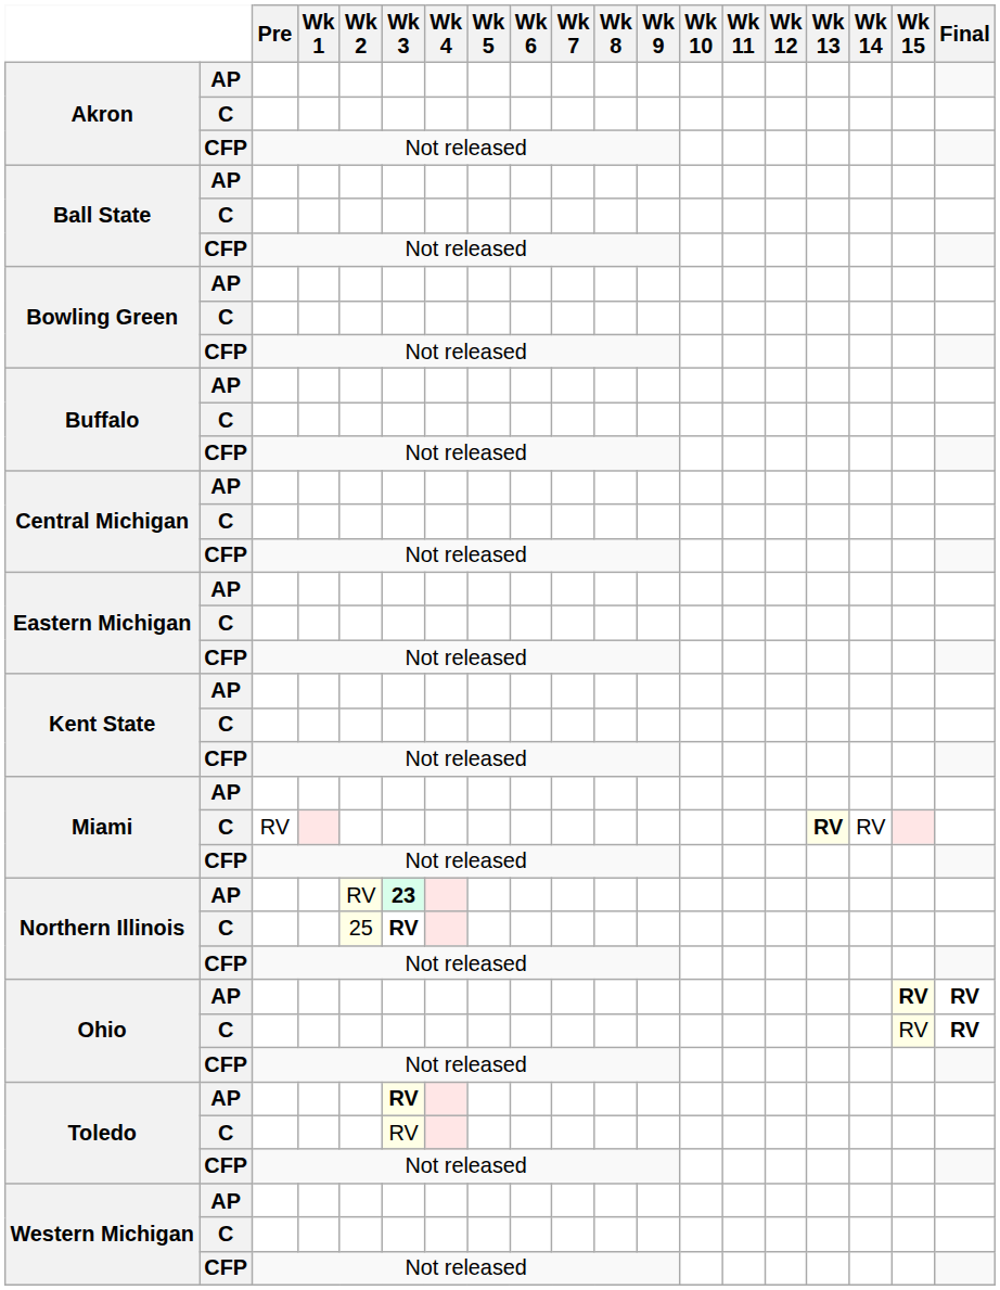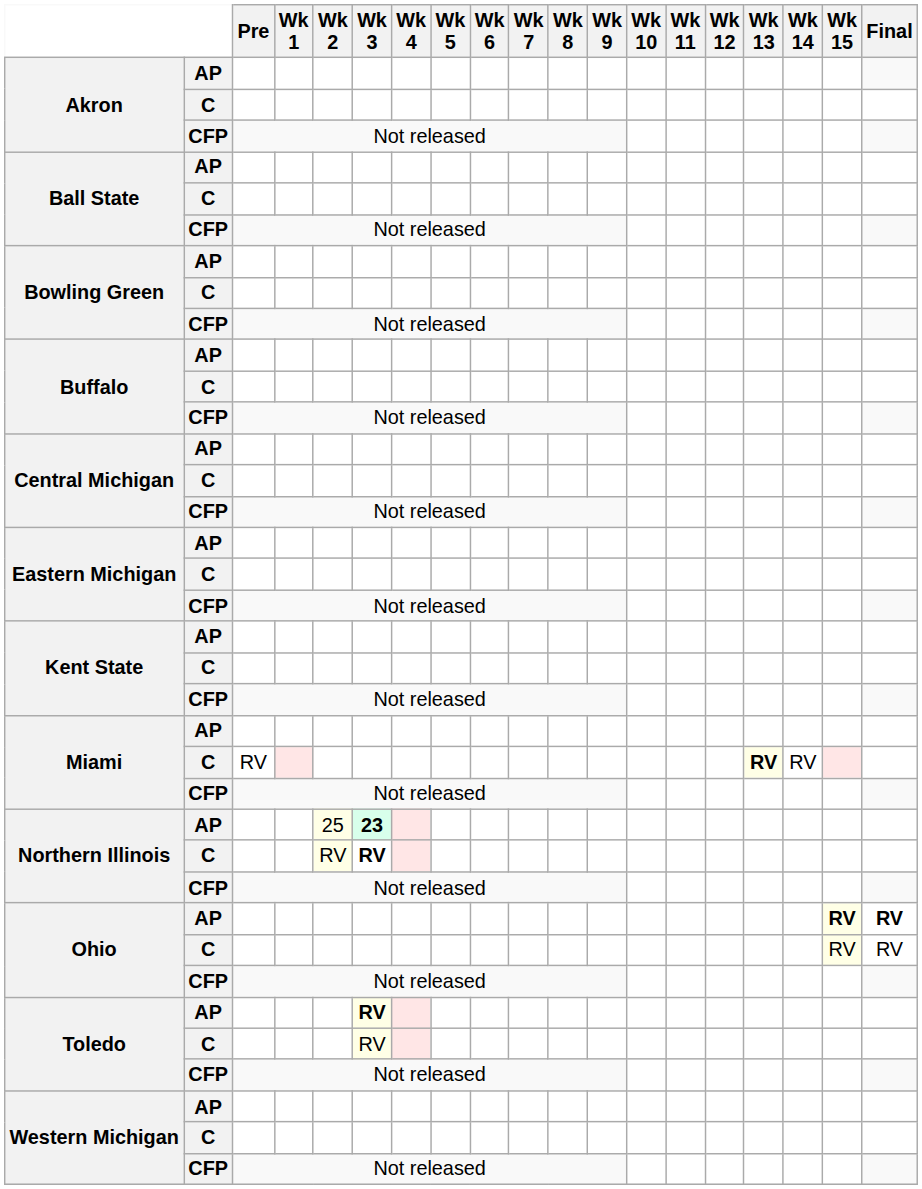 <table class="wikitable" style="white-space:nowrap;font-size:85%;">
 <tr>
 <th colspan=2 style="background:white; border-top-style:hidden; border-left-style:hidden;"> </th>
 <th>Pre</th>
 <th>Wk<br>1</th>
 <th>Wk<br>2</th>
 <th>Wk<br>3</th>
 <th>Wk<br>4</th>
 <th>Wk<br>5</th>
 <th>Wk<br>6</th>
 <th>Wk<br>7</th>
 <th>Wk<br>8</th>
 <th>Wk<br>9</th>
 <th>Wk<br>10</th>
 <th>Wk<br>11</th>
 <th>Wk<br>12</th>
 <th>Wk<br>13</th>
 <th>Wk<br>14</th>
 <th>Wk<br>15</th>
 <th>Final</th>
 </tr>
 <tr style="text-align:center;">
 <th rowspan="3">Akron</th>
 <th>AP</th>
 <td style="background:#FFF;"></td>
 <td style="background:#FFF;"></td>
 <td style="background:#FFF;"></td>
 <td style="background:#FFF;"></td>
 <td style="background:#FFF;"></td>
 <td style="background:#FFF;"></td>
 <td style="background:#FFF;"></td>
 <td style="background:#FFF;"></td>
 <td style="background:#FFF;"></td>
 <td style="background:#FFF;"></td>
 <td style="background:#FFF;"></td>
 <td style="background:#FFF;"></td>
 <td style="background:#FFF;"></td>
 <td style="background:#FFF;"></td>
 <td style="background:#FFF;"></td>
 <td style="background:#FFF;"></td>
 </tr>
 <tr style="text-align:center;">
 <th>C</th>
 <td style="background:#FFF;"></td>
 <td style="background:#FFF;"></td>
 <td style="background:#FFF;"></td>
 <td style="background:#FFF;"></td>
 <td style="background:#FFF;"></td>
 <td style="background:#FFF;"></td>
 <td style="background:#FFF;"></td>
 <td style="background:#FFF;"></td>
 <td style="background:#FFF;"></td>
 <td style="background:#FFF;"></td>
 <td style="background:#FFF;"></td>
 <td style="background:#FFF;"></td>
 <td style="background:#FFF;"></td>
 <td style="background:#FFF;"></td>
 <td style="background:#FFF;"></td>
 <td style="background:#FFF;"></td>
 <td style="background:#FFF;"></td>
 </tr>
 <tr style="text-align:center;">
 <th>CFP</th>
 <td colspan="10" style="text-align:center;">Not released</td>
 <td style="background:#FFF;"></td>
 <td style="background:#FFF;"></td>
 <td style="background:#FFF;"></td>
 <td style="background:#FFF;"></td>
 <td style="background:#FFF;"></td>
 <td style="background:#FFF;"></td>
 <td style="text-align:center;"></td>
 </tr>
 <tr style="text-align:center;">
 <th rowspan="3">Ball State</th>
 <th>AP</th>
 <td style="background:#FFF;"></td>
 <td style="background:#FFF;"></td>
 <td style="background:#FFF;"></td>
 <td style="background:#FFF;"></td>
 <td style="background:#FFF;"></td>
 <td style="background:#FFF;"></td>
 <td style="background:#FFF;"></td>
 <td style="background:#FFF;"></td>
 <td style="background:#FFF;"></td>
 <td style="background:#FFF;"></td>
 <td style="background:#FFF;"></td>
 <td style="background:#FFF;"></td>
 <td style="background:#FFF;"></td>
 <td style="background:#FFF;"></td>
 <td style="background:#FFF;"></td>
 <td style="background:#FFF;"></td>
 <td style="background:#FFF;"></td>
 </tr>
 <tr style="text-align:center;">
 <th>C</th>
 <td style="background:#FFF;"></td>
 <td style="background:#FFF;"></td>
 <td style="background:#FFF;"></td>
 <td style="background:#FFF;"></td>
 <td style="background:#FFF;"></td>
 <td style="background:#FFF;"></td>
 <td style="background:#FFF;"></td>
 <td style="background:#FFF;"></td>
 <td style="background:#FFF;"></td>
 <td style="background:#FFF;"></td>
 <td style="background:#FFF;"></td>
 <td style="background:#FFF;"></td>
 <td style="background:#FFF;"></td>
 <td style="background:#FFF;"></td>
 <td style="background:#FFF;"></td>
 <td style="background:#FFF;"></td>
 <td style="background:#FFF;"></td>
 </tr>
 <tr style="text-align:center;">
 <th>CFP</th>
 <td colspan="10" style="text-align:center;">Not released</td>
 <td style="background:#FFF;"></td>
 <td style="background:#FFF;"></td>
 <td style="background:#FFF;"></td>
 <td style="background:#FFF;"></td>
 <td style="background:#FFF;"></td>
 <td style="background:#FFF;"></td>
 <td style="text-align:center;"></td>
 </tr>
 <tr style="text-align:center;">
 <th rowspan="3">Bowling Green</th>
 <th>AP</th>
 <td style="background:#FFF;"></td>
 <td style="background:#FFF;"></td>
 <td style="background:#FFF;"></td>
 <td style="background:#FFF;"></td>
 <td style="background:#FFF;"></td>
 <td style="background:#FFF;"></td>
 <td style="background:#FFF;"></td>
 <td style="background:#FFF;"></td>
 <td style="background:#FFF;"></td>
 <td style="background:#FFF;"></td>
 <td style="background:#FFF;"></td>
 <td style="background:#FFF;"></td>
 <td style="background:#FFF;"></td>
 <td style="background:#FFF;"></td>
 <td style="background:#FFF;"></td>
 <td style="background:#FFF;"></td>
 <td style="background:#FFF;"></td>
 </tr>
 <tr style="text-align:center;">
 <th>C</th>
 <td style="background:#FFF;"></td>
 <td style="background:#FFF;"></td>
 <td style="background:#FFF;"></td>
 <td style="background:#FFF;"></td>
 <td style="background:#FFF;"></td>
 <td style="background:#FFF;"></td>
 <td style="background:#FFF;"></td>
 <td style="background:#FFF;"></td>
 <td style="background:#FFF;"></td>
 <td style="background:#FFF;"></td>
 <td style="background:#FFF;"></td>
 <td style="background:#FFF;"></td>
 <td style="background:#FFF;"></td>
 <td style="background:#FFF;"></td>
 <td style="background:#FFF;"></td>
 <td style="background:#FFF;"></td>
 <td style="background:#FFF;"></td>
 </tr>
 <tr style="text-align:center;">
 <th>CFP</th>
 <td colspan="10" style="text-align:center;">Not released</td>
 <td style="background:#FFF;"></td>
 <td style="background:#FFF;"></td>
 <td style="background:#FFF;"></td>
 <td style="background:#FFF;"></td>
 <td style="background:#FFF;"></td>
 <td style="background:#FFF;"></td>
 <td style="text-align:center;"></td>
 </tr>
 <tr style="text-align:center;">
 <th rowspan="3">Buffalo</th>
 <th>AP</th>
 <td style="background:#FFF;"></td>
 <td style="background:#FFF;"></td>
 <td style="background:#FFF;"></td>
 <td style="background:#FFF;"></td>
 <td style="background:#FFF;"></td>
 <td style="background:#FFF;"></td>
 <td style="background:#FFF;"></td>
 <td style="background:#FFF;"></td>
 <td style="background:#FFF;"></td>
 <td style="background:#FFF;"></td>
 <td style="background:#FFF;"></td>
 <td style="background:#FFF;"></td>
 <td style="background:#FFF;"></td>
 <td style="background:#FFF;"></td>
 <td style="background:#FFF;"></td>
 <td style="background:#FFF;"></td>
 <td style="background:#FFF;"></td>
 </tr>
 <tr style="text-align:center;">
 <th>C</th>
 <td style="background:#FFF;"></td>
 <td style="background:#FFF;"></td>
 <td style="background:#FFF;"></td>
 <td style="background:#FFF;"></td>
 <td style="background:#FFF;"></td>
 <td style="background:#FFF;"></td>
 <td style="background:#FFF;"></td>
 <td style="background:#FFF;"></td>
 <td style="background:#FFF;"></td>
 <td style="background:#FFF;"></td>
 <td style="background:#FFF;"></td>
 <td style="background:#FFF;"></td>
 <td style="background:#FFF;"></td>
 <td style="background:#FFF;"></td>
 <td style="background:#FFF;"></td>
 <td style="background:#FFF;"></td>
 <td style="background:#FFF;"></td>
 </tr>
 <tr style="text-align:center;">
 <th>CFP</th>
 <td colspan="10" style="text-align:center;">Not released</td>
 <td style="background:#FFF;"></td>
 <td style="background:#FFF;"></td>
 <td style="background:#FFF;"></td>
 <td style="background:#FFF;"></td>
 <td style="background:#FFF;"></td>
 <td style="background:#FFF;"></td>
 <td style="text-align:center;"></td>
 </tr>
 <tr style="text-align:center;">
 <th rowspan="3">Central Michigan</th>
 <th>AP</th>
 <td style="background:#FFF;"></td>
 <td style="background:#FFF;"></td>
 <td style="background:#FFF;"></td>
 <td style="background:#FFF;"></td>
 <td style="background:#FFF;"></td>
 <td style="background:#FFF;"></td>
 <td style="background:#FFF;"></td>
 <td style="background:#FFF;"></td>
 <td style="background:#FFF;"></td>
 <td style="background:#FFF;"></td>
 <td style="background:#FFF;"></td>
 <td style="background:#FFF;"></td>
 <td style="background:#FFF;"></td>
 <td style="background:#FFF;"></td>
 <td style="background:#FFF;"></td>
 <td style="background:#FFF;"></td>
 <td style="background:#FFF;"></td>
 </tr>
 <tr style="text-align:center;">
 <th>C</th>
 <td style="background:#FFF;"></td>
 <td style="background:#FFF;"></td>
 <td style="background:#FFF;"></td>
 <td style="background:#FFF;"></td>
 <td style="background:#FFF;"></td>
 <td style="background:#FFF;"></td>
 <td style="background:#FFF;"></td>
 <td style="background:#FFF;"></td>
 <td style="background:#FFF;"></td>
 <td style="background:#FFF;"></td>
 <td style="background:#FFF;"></td>
 <td style="background:#FFF;"></td>
 <td style="background:#FFF;"></td>
 <td style="background:#FFF;"></td>
 <td style="background:#FFF;"></td>
 <td style="background:#FFF;"></td>
 <td style="background:#FFF;"></td>
 </tr>
 <tr style="text-align:center;">
 <th>CFP</th>
 <td colspan="10" style="text-align:center;">Not released</td>
 <td style="background:#FFF;"></td>
 <td style="background:#FFF;"></td>
 <td style="background:#FFF;"></td>
 <td style="background:#FFF;"></td>
 <td style="background:#FFF;"></td>
 <td style="background:#FFF;"></td>
 <td style="text-align:center;"></td>
 </tr>
 <tr style="text-align:center;">
 <th rowspan="3">Eastern Michigan</th>
 <th>AP</th>
 <td style="background:#FFF;"></td>
 <td style="background:#FFF;"></td>
 <td style="background:#FFF;"></td>
 <td style="background:#FFF;"></td>
 <td style="background:#FFF;"></td>
 <td style="background:#FFF;"></td>
 <td style="background:#FFF;"></td>
 <td style="background:#FFF;"></td>
 <td style="background:#FFF;"></td>
 <td style="background:#FFF;"></td>
 <td style="background:#FFF;"></td>
 <td style="background:#FFF;"></td>
 <td style="background:#FFF;"></td>
 <td style="background:#FFF;"></td>
 <td style="background:#FFF;"></td>
 <td style="background:#FFF;"></td>
 <td style="background:#FFF;"></td>
 </tr>
 <tr style="text-align:center;">
 <th>C</th>
 <td style="background:#FFF;"></td>
 <td style="background:#FFF;"></td>
 <td style="background:#FFF;"></td>
 <td style="background:#FFF;"></td>
 <td style="background:#FFF;"></td>
 <td style="background:#FFF;"></td>
 <td style="background:#FFF;"></td>
 <td style="background:#FFF;"></td>
 <td style="background:#FFF;"></td>
 <td style="background:#FFF;"></td>
 <td style="background:#FFF;"></td>
 <td style="background:#FFF;"></td>
 <td style="background:#FFF;"></td>
 <td style="background:#FFF;"></td>
 <td style="background:#FFF;"></td>
 <td style="background:#FFF;"></td>
 <td style="background:#FFF;"></td>
 </tr>
 <tr style="text-align:center;">
 <th>CFP</th>
 <td colspan="10" style="text-align:center;">Not released</td>
 <td style="background:#FFF;"></td>
 <td style="background:#FFF;"></td>
 <td style="background:#FFF;"></td>
 <td style="background:#FFF;"></td>
 <td style="background:#FFF;"></td>
 <td style="background:#FFF;"></td>
 <td style="text-align:center;"></td>
 </tr>
 <tr style="text-align:center;">
 <th rowspan="3">Kent State</th>
 <th>AP</th>
 <td style="background:#FFF;"></td>
 <td style="background:#FFF;"></td>
 <td style="background:#FFF;"></td>
 <td style="background:#FFF;"></td>
 <td style="background:#FFF;"></td>
 <td style="background:#FFF;"></td>
 <td style="background:#FFF;"></td>
 <td style="background:#FFF;"></td>
 <td style="background:#FFF;"></td>
 <td style="background:#FFF;"></td>
 <td style="background:#FFF;"></td>
 <td style="background:#FFF;"></td>
 <td style="background:#FFF;"></td>
 <td style="background:#FFF;"></td>
 <td style="background:#FFF;"></td>
 <td style="background:#FFF;"></td>
 <td style="background:#FFF;"></td>
 </tr>
 <tr style="text-align:center;">
 <th>C</th>
 <td style="background:#FFF;"></td>
 <td style="background:#FFF;"></td>
 <td style="background:#FFF;"></td>
 <td style="background:#FFF;"></td>
 <td style="background:#FFF;"></td>
 <td style="background:#FFF;"></td>
 <td style="background:#FFF;"></td>
 <td style="background:#FFF;"></td>
 <td style="background:#FFF;"></td>
 <td style="background:#FFF;"></td>
 <td style="background:#FFF;"></td>
 <td style="background:#FFF;"></td>
 <td style="background:#FFF;"></td>
 <td style="background:#FFF;"></td>
 <td style="background:#FFF;"></td>
 <td style="background:#FFF;"></td>
 <td style="background:#FFF;"></td>
 </tr>
 <tr style="text-align:center;">
 <th>CFP</th>
 <td colspan="10" style="text-align:center;">Not released</td>
 <td style="background:#FFF;"></td>
 <td style="background:#FFF;"></td>
 <td style="background:#FFF;"></td>
 <td style="background:#FFF;"></td>
 <td style="background:#FFF;"></td>
 <td style="background:#FFF;"></td>
 <td style="text-align:center;"></td>
 </tr>
 <tr style="text-align:center;">
 <th rowspan="3">Miami</th>
 <th>AP</th>
 <td style="background:#FFF;"></td>
 <td style="background:#FFF;"></td>
 <td style="background:#FFF;"></td>
 <td style="background:#FFF;"></td>
 <td style="background:#FFF;"></td>
 <td style="background:#FFF;"></td>
 <td style="background:#FFF;"></td>
 <td style="background:#FFF;"></td>
 <td style="background:#FFF;"></td>
 <td style="background:#FFF;"></td>
 <td style="background:#FFF;"></td>
 <td style="background:#FFF;"></td>
 <td style="background:#FFF;"></td>
 <td style="background:#FFF;"></td>
 <td style="background:#FFF;"></td>
 <td style="background:#FFF;"></td>
 <td style="background:#FFF;"></td>
 </tr>
 <tr style="text-align:center;">
 <th>C</th>
 <td style="background:#FFF;">RV</td>
 <td style="background:#ffe6e6;"></td>
 <td style="background:#FFF;"></td>
 <td style="background:#FFF;"></td>
 <td style="background:#FFF;"></td>
 <td style="background:#FFF;"></td>
 <td style="background:#FFF;"></td>
 <td style="background:#FFF;"></td>
 <td style="background:#FFF;"></td>
 <td style="background:#FFF;"></td>
 <td style="background:#FFF;"></td>
 <td style="background:#FFF;"></td>
 <td style="background:#FFF;"></td>
 <td style="background:#ffffe6;"><strong>RV</strong></td>
 <td style="background:#FFF;">RV</td>
 <td style="background:#ffe6e6;"></td>
 <td style="background:#FFF;"></td>
 </tr>
 <tr style="text-align:center;">
 <th>CFP</th>
 <td colspan="10" style="text-align:center;">Not released</td>
 <td style="background:#FFF;"></td>
 <td style="background:#FFF;"></td>
 <td style="background:#FFF;"></td>
 <td style="background:#FFF;"></td>
 <td style="background:#FFF;"></td>
 <td style="background:#FFF;"></td>
 <td style="text-align:center;"></td>
 </tr>
 <tr style="text-align:center;">
 <th rowspan="3">Northern Illinois</th>
 <th>AP</th>
 <td style="background:#FFF;"></td>
 <td style="background:#FFF;"></td>
-<td style="background:#ffffe6;">RV</td>
+<td style="background:#ffffe6;">25</td>
 <td style="background:#d8ffeb;"><strong>23</strong></td>
 <td style="background:#ffe6e6;"></td>
 <td style="background:#FFF;"></td>
 <td style="background:#FFF;"></td>
 <td style="background:#FFF;"></td>
 <td style="background:#FFF;"></td>
 <td style="background:#FFF;"></td>
 <td style="background:#FFF;"></td>
 <td style="background:#FFF;"></td>
 <td style="background:#FFF;"></td>
 <td style="background:#FFF;"></td>
 <td style="background:#FFF;"></td>
 <td style="background:#FFF;"></td>
 <td style="background:#FFF;"></td>
 </tr>
 <tr style="text-align:center;">
 <th>C</th>
 <td style="background:#FFF;"></td>
 <td style="background:#FFF;"></td>
-<td style="background:#ffffe6;">25</td>
+<td style="background:#ffffe6;">RV</td>
 <td style="background:#FFF;"><strong>RV</strong></td>
 <td style="background:#ffe6e6;"></td>
 <td style="background:#FFF;"></td>
 <td style="background:#FFF;"></td>
 <td style="background:#FFF;"></td>
 <td style="background:#FFF;"></td>
 <td style="background:#FFF;"></td>
 <td style="background:#FFF;"></td>
 <td style="background:#FFF;"></td>
 <td style="background:#FFF;"></td>
 <td style="background:#FFF;"></td>
 <td style="background:#FFF;"></td>
 <td style="background:#FFF;"></td>
 <td style="background:#FFF;"></td>
 </tr>
 <tr style="text-align:center;">
 <th>CFP</th>
 <td colspan="10" style="text-align:center;">Not released</td>
 <td style="background:#FFF;"></td>
 <td style="background:#FFF;"></td>
 <td style="background:#FFF;"></td>
 <td style="background:#FFF;"></td>
 <td style="background:#FFF;"></td>
 <td style="background:#FFF;"></td>
 <td style="text-align:center;"></td>
 </tr>
 <tr style="text-align:center;">
 <th rowspan="3">Ohio</th>
 <th>AP</th>
 <td style="background:#FFF;"></td>
 <td style="background:#FFF;"></td>
 <td style="background:#FFF;"></td>
 <td style="background:#FFF;"></td>
 <td style="background:#FFF;"></td>
 <td style="background:#FFF;"></td>
 <td style="background:#FFF;"></td>
 <td style="background:#FFF;"></td>
 <td style="background:#FFF;"></td>
 <td style="background:#FFF;"></td>
 <td style="background:#FFF;"></td>
 <td style="background:#FFF;"></td>
 <td style="background:#FFF;"></td>
 <td style="background:#FFF;"></td>
 <td style="background:#FFF;"></td>
 <td style="background:#FFFFE6;"><strong>RV</strong></td>
 <td style="background:#FFF;"><strong>RV</strong></td>
 </tr>
 <tr style="text-align:center;">
 <th>C</th>
 <td style="background:#FFF;"></td>
 <td style="background:#FFF;"></td>
 <td style="background:#FFF;"></td>
 <td style="background:#FFF;"></td>
 <td style="background:#FFF;"></td>
 <td style="background:#FFF;"></td>
 <td style="background:#FFF;"></td>
 <td style="background:#FFF;"></td>
 <td style="background:#FFF;"></td>
 <td style="background:#FFF;"></td>
 <td style="background:#FFF;"></td>
 <td style="background:#FFF;"></td>
 <td style="background:#FFF;"></td>
 <td style="background:#FFF;"></td>
 <td style="background:#FFF;"></td>
 <td style="background:#FFFFE6;">RV</td>
-<td style="background:#FFF;"><strong>RV</strong></td>
+<td style="background:#FFF;">RV</td>
 </tr>
 <tr style="text-align:center;">
 <th>CFP</th>
 <td colspan="10" style="text-align:center;">Not released</td>
 <td style="background:#FFF;"></td>
 <td style="background:#FFF;"></td>
 <td style="background:#FFF;"></td>
 <td style="background:#FFF;"></td>
 <td style="background:#FFF;"></td>
 <td style="background:#FFF;"></td>
 <td style="text-align:center;"></td>
 </tr>
 <tr style="text-align:center;">
 <th rowspan="3">Toledo</th>
 <th>AP</th>
 <td style="background:#FFF;"></td>
 <td style="background:#FFF;"></td>
 <td style="background:#FFF;"></td>
 <td style="background:#FFFFE6;"><strong>RV</strong></td>
 <td style="background:#ffe6e6;"></td>
 <td style="background:#FFF;"></td>
 <td style="background:#FFF;"></td>
 <td style="background:#FFF;"></td>
 <td style="background:#FFF;"></td>
 <td style="background:#FFF;"></td>
 <td style="background:#FFF;"></td>
 <td style="background:#FFF;"></td>
 <td style="background:#FFF;"></td>
 <td style="background:#FFF;"></td>
 <td style="background:#FFF;"></td>
 <td style="background:#FFF;"></td>
 <td style="background:#FFF;"></td>
 </tr>
 <tr style="text-align:center;">
 <th>C</th>
 <td style="background:#FFF;"></td>
 <td style="background:#FFF;"></td>
 <td style="background:#FFF;"></td>
 <td style="background:#FFFFE6;">RV</td>
 <td style="background:#ffe6e6;"></td>
 <td style="background:#FFF;"></td>
 <td style="background:#FFF;"></td>
 <td style="background:#FFF;"></td>
 <td style="background:#FFF;"></td>
 <td style="background:#FFF;"></td>
 <td style="background:#FFF;"></td>
 <td style="background:#FFF;"></td>
 <td style="background:#FFF;"></td>
 <td style="background:#FFF;"></td>
 <td style="background:#FFF;"></td>
 <td style="background:#FFF;"></td>
 <td style="background:#FFF;"></td>
 </tr>
 <tr style="text-align:center;">
 <th>CFP</th>
 <td colspan="10" style="text-align:center;">Not released</td>
 <td style="background:#FFF;"></td>
 <td style="background:#FFF;"></td>
 <td style="background:#FFF;"></td>
 <td style="background:#FFF;"></td>
 <td style="background:#FFF;"></td>
 <td style="background:#FFF;"></td>
 <td style="text-align:center;"></td>
 </tr>
 <tr style="text-align:center;">
 <th rowspan="3">Western Michigan</th>
 <th>AP</th>
 <td style="background:#FFF;"></td>
 <td style="background:#FFF;"></td>
 <td style="background:#FFF;"></td>
 <td style="background:#FFF;"></td>
 <td style="background:#FFF;"></td>
 <td style="background:#FFF;"></td>
 <td style="background:#FFF;"></td>
 <td style="background:#FFF;"></td>
 <td style="background:#FFF;"></td>
 <td style="background:#FFF;"></td>
 <td style="background:#FFF;"></td>
 <td style="background:#FFF;"></td>
 <td style="background:#FFF;"></td>
 <td style="background:#FFF;"></td>
 <td style="background:#FFF;"></td>
 <td style="background:#FFF;"></td>
 <td style="background:#FFF;"></td>
 </tr>
 <tr style="text-align:center;">
 <th>C</th>
 <td style="background:#FFF;"></td>
 <td style="background:#FFF;"></td>
 <td style="background:#FFF;"></td>
 <td style="background:#FFF;"></td>
 <td style="background:#FFF;"></td>
 <td style="background:#FFF;"></td>
 <td style="background:#FFF;"></td>
 <td style="background:#FFF;"></td>
 <td style="background:#FFF;"></td>
 <td style="background:#FFF;"></td>
 <td style="background:#FFF;"></td>
 <td style="background:#FFF;"></td>
 <td style="background:#FFF;"></td>
 <td style="background:#FFF;"></td>
 <td style="background:#FFF;"></td>
 <td style="background:#FFF;"></td>
 <td style="background:#FFF;"></td>
 </tr>
 <tr style="text-align:center;">
 <th>CFP</th>
 <td colspan="10" style="text-align:center;">Not released</td>
 <td style="background:#FFF;"></td>
 <td style="background:#FFF;"></td>
 <td style="background:#FFF;"></td>
 <td style="background:#FFF;"></td>
 <td style="background:#FFF;"></td>
 <td style="background:#FFF;"></td>
 <td style="text-align:center;"></td>
 </tr>
 <tr style="text-align:center;">
 </tr>
 </table>
